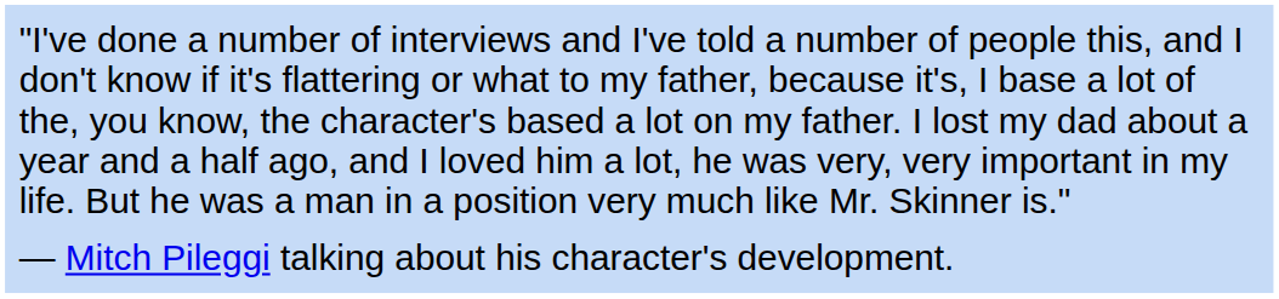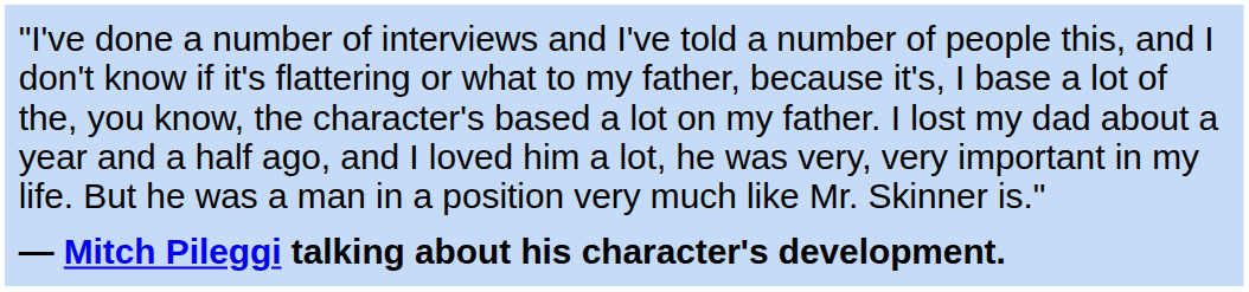 <table class="toccolours" style="float: right; margin-left: 1em; margin-right: 2em; font-size: 90%; background:#c6dbf7; color:black; width:37em; max-width: 40%;" cellspacing="5">
 <tr>
 <td style="text-align: left;">"I've done a number of interviews and I've told a number of people this, and I don't know if it's flattering or what to my father, because it's, I base a lot of the, you know, the character's based a lot on my father. I lost my dad about a year and a half ago, and I loved him a lot, he was very, very important in my life. But he was a man in a position very much like Mr. Skinner is."</td>
 </tr>
 <tr>
-<td style="text-align: left;">— <a href='#'>Mitch Pileggi</a> talking about his character's development.</td>
+<td style="text-align: left;"><strong>— <a href='#'>Mitch Pileggi</a> talking about his character's development.</strong></td>
 </tr>
 </table>
